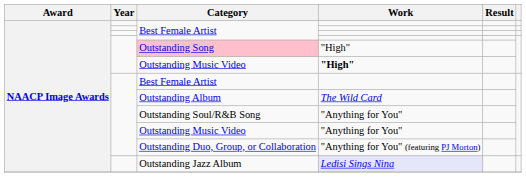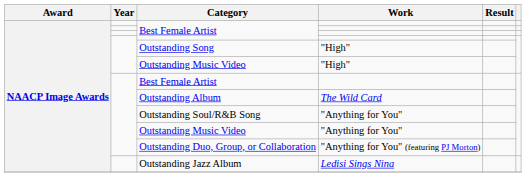 <table class="wikitable sortable plainrowheaders">
 <tr>
 <th scope="col">Award</th>
 <th scope="col">Year</th>
 <th scope="col">Category</th>
 <th scope="col">Work</th>
 <th scope="col">Result</th>
 <th scope="col" class="unsortable"></th>
 </tr>
 <tr>
 <th scope="row" rowspan="12"><a href='#'>NAACP Image Awards</a></th>
 <td></td>
 <td rowspan="4"><a href='#'>Best Female Artist</a></td>
 <td></td>
 <td></td>
 <td></td>
 </tr>
 <tr>
 <td></td>
 <td></td>
 <td></td>
 <td></td>
 </tr>
 <tr>
 <td></td>
 <td></td>
 <td></td>
 <td></td>
 </tr>
 <tr>
 <td rowspan="3"></td>
 <td></td>
 <td></td>
 <td rowspan="3"></td>
 </tr>
 <tr>
-<td style="background: pink;"><a href='#'>Outstanding Song</a></td>
+<td><a href='#'>Outstanding Song</a></td>
 <td>"High"</td>
 <td></td>
 </tr>
 <tr>
 <td><a href='#'>Outstanding Music Video</a></td>
-<td><strong>"High"</strong></td>
+<td>"High"</td>
 <td></td>
 </tr>
 <tr>
 <td rowspan="5"></td>
 <td><a href='#'>Best Female Artist</a></td>
 <td></td>
 <td></td>
 <td rowspan="5"></td>
 </tr>
 <tr>
 <td><a href='#'>Outstanding Album</a></td>
 <td><em><a href='#'>The Wild Card</a></em></td>
 <td></td>
 </tr>
 <tr>
 <td>Outstanding Soul/R&B Song</td>
 <td>"Anything for You"</td>
 <td></td>
 </tr>
 <tr>
 <td><a href='#'>Outstanding Music Video</a></td>
 <td>"Anything for You"</td>
 <td></td>
 </tr>
 <tr>
 <td><a href='#'>Outstanding Duo, Group, or Collaboration</a></td>
 <td>"Anything for You" <small>(featuring <a href='#'>PJ Morton</a>)</small></td>
 <td></td>
 </tr>
 <tr>
 <td></td>
 <td>Outstanding Jazz Album</td>
-<td style="background: lavender;"><em><a href='#'>Ledisi Sings Nina</a></em></td>
+<td><em><a href='#'>Ledisi Sings Nina</a></em></td>
 <td></td>
 <td></td>
 </tr>
 <tr>
 </tr>
 </table>
